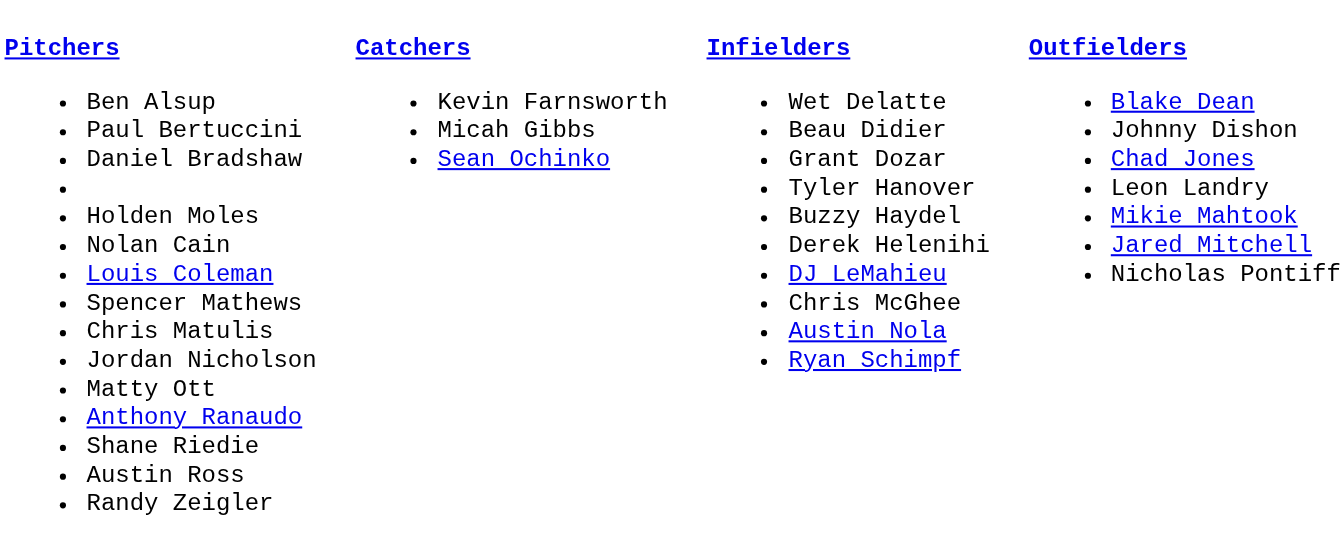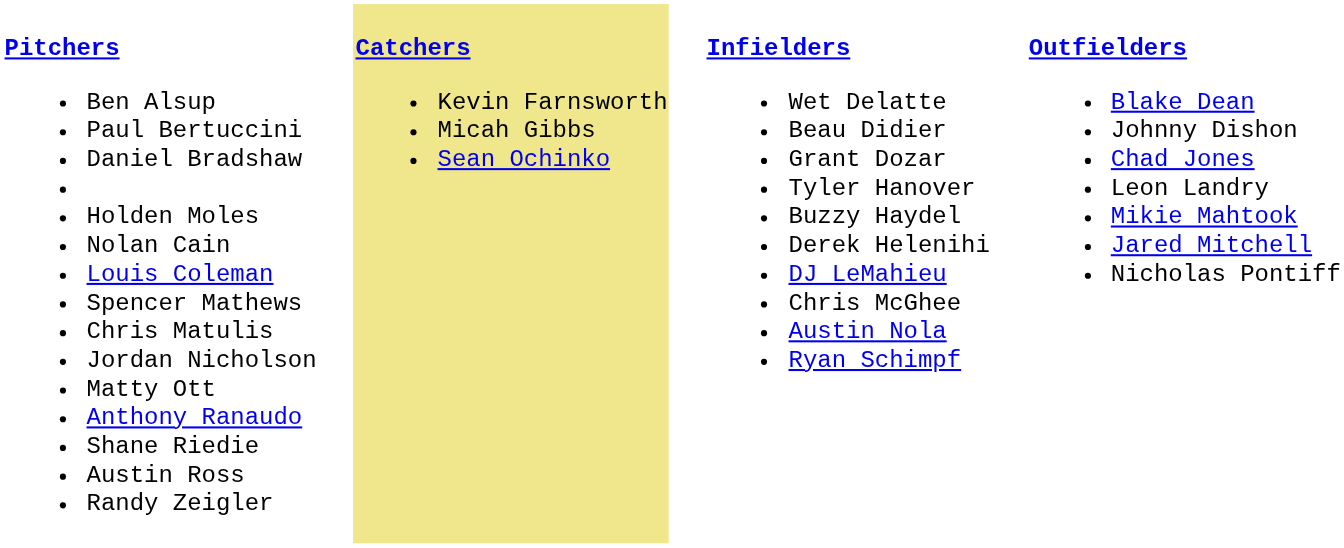 <table class="toccolours" style="border-collapse:collapse; font-size:90%;">
 <tr>
 <td colspan="7" align="center"></td>
 </tr>
 <tr>
 </tr>
 <tr>
 <td width="03"> </td>
 <td valign="top"><br><strong><a href='#'>Pitchers</a></strong><ul><li>Ben Alsup</li><li>Paul Bertuccini</li><li>Daniel Bradshaw</li><li></li><li>Holden Moles</li><li>Nolan Cain</li><li><a href='#'>Louis Coleman</a></li><li>Spencer Mathews</li><li>Chris Matulis</li><li>Jordan Nicholson</li><li>Matty Ott</li><li><a href='#'>Anthony Ranaudo</a></li><li>Shane Riedie</li><li>Austin Ross</li><li>Randy Zeigler</li></ul></td>
 <td width="15"> </td>
-<td valign="top"><br><strong><a href='#'>Catchers</a></strong><ul><li>Kevin Farnsworth</li><li>Micah Gibbs</li><li><a href='#'>Sean Ochinko</a></li></ul></td>
+<td valign="top" style="background: khaki;"><br><strong><a href='#'>Catchers</a></strong><ul><li>Kevin Farnsworth</li><li>Micah Gibbs</li><li><a href='#'>Sean Ochinko</a></li></ul></td>
 <td width="15"> </td>
 <td valign="top"><br><strong><a href='#'>Infielders</a></strong><ul><li>Wet Delatte</li><li>Beau Didier</li><li>Grant Dozar</li><li>Tyler Hanover</li><li>Buzzy Haydel</li><li>Derek Helenihi</li><li><a href='#'>DJ LeMahieu</a></li><li>Chris McGhee</li><li><a href='#'>Austin Nola</a></li><li><a href='#'>Ryan Schimpf</a></li></ul></td>
 <td width="15"> </td>
 <td valign="top"><br><strong><a href='#'>Outfielders</a></strong><ul><li><a href='#'>Blake Dean</a></li><li>Johnny Dishon</li><li><a href='#'>Chad Jones</a></li><li>Leon Landry</li><li><a href='#'>Mikie Mahtook</a></li><li><a href='#'>Jared Mitchell</a></li><li>Nicholas Pontiff</li></ul></td>
 <td width="25"> </td>
 </tr>
 </table>
